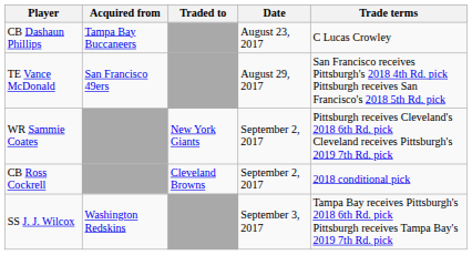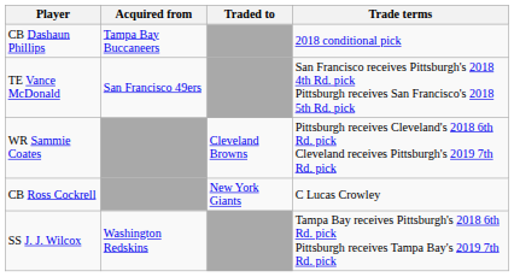 <table class="wikitable" style="width:75%">
 <tr style="text-align:center; background:#ddd">
 <th>Player</th>
 <th>Acquired from</th>
 <th>Traded to</th>
-<th>Date</th>
 <th>Trade terms</th>
 </tr>
 <tr>
 <td>CB <a href='#'>Dashaun Phillips</a></td>
 <td><a href='#'>Tampa Bay Buccaneers</a></td>
 <td style="background:darkgray"></td>
-<td>August 23, 2017</td>
-<td>C Lucas Crowley</td>
+<td><a href='#'>2018 conditional pick</a></td>
 </tr>
 <tr>
 <td>TE <a href='#'>Vance McDonald</a></td>
 <td><a href='#'>San Francisco 49ers</a></td>
 <td style="background:darkgray"></td>
-<td>August 29, 2017</td>
 <td>San Francisco receives Pittsburgh's <a href='#'>2018 4th Rd. pick</a><br>Pittsburgh receives San Francisco's <a href='#'>2018 5th Rd. pick</a><br></td>
 </tr>
 <tr>
 <td>WR <a href='#'>Sammie Coates</a></td>
 <td style="background:darkgray"></td>
-<td><a href='#'>New York Giants</a></td>
-<td>September 2, 2017</td>
+<td><a href='#'>Cleveland Browns</a></td>
 <td>Pittsburgh receives Cleveland's <a href='#'>2018 6th Rd. pick</a><br>Cleveland receives Pittsburgh's <a href='#'>2019 7th Rd. pick</a><br></td>
 </tr>
 <tr>
 <td>CB <a href='#'>Ross Cockrell</a></td>
 <td style="background:darkgray"></td>
-<td><a href='#'>Cleveland Browns</a></td>
-<td>September 2, 2017</td>
-<td><a href='#'>2018 conditional pick</a></td>
+<td><a href='#'>New York Giants</a></td>
+<td>C Lucas Crowley</td>
 </tr>
 <tr>
 <td>SS <a href='#'>J. J. Wilcox</a></td>
 <td><a href='#'>Washington Redskins</a></td>
 <td style="background:darkgray"></td>
-<td>September 3, 2017</td>
 <td>Tampa Bay receives Pittsburgh's <a href='#'>2018 6th Rd. pick</a><br>Pittsburgh receives Tampa Bay's <a href='#'>2019 7th Rd. pick</a><br></td>
 </tr>
 </table>
